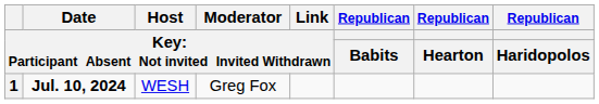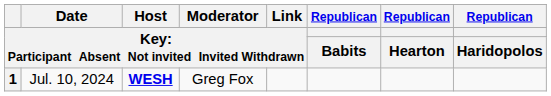 <table class="wikitable" style="text-align:center;">
 <tr>
 <th scope="col"></th>
 <th scope="col">Date</th>
 <th scope="col">Host</th>
 <th scope="col">Moderator</th>
 <th scope="col">Link</th>
 <th scope="col"><small><a href='#'>Republican</a></small></th>
 <th scope="col"><small><a href='#'>Republican</a></small></th>
 <th scope="col"><small><a href='#'>Republican</a></small></th>
 </tr>
 <tr>
 <th colspan="5" rowspan="2">Key:<br> <small>Participant </small>  <small>Absent </small>  <small>Not invited </small>  <small>Invited  Withdrawn</small></th>
 <th scope="col" style="background:"></th>
 <th scope="col" style="background:"></th>
 <th scope="col" style="background:"></th>
 </tr>
 <tr>
 <th scope="col">Babits</th>
 <th scope="col">Hearton</th>
 <th scope="col">Haridopolos</th>
 </tr>
 <tr>
 <th>1</th>
-<td style="white-space:nowrap;"><strong>Jul. 10, 2024</strong></td>
-<td style="white-space:nowrap;"><a href='#'>WESH</a></td>
+<td style="white-space:nowrap;">Jul. 10, 2024</td>
+<td style="white-space:nowrap;"><strong><a href='#'>WESH</a></strong></td>
 <td style="white-space:nowrap;">Greg Fox</td>
 <td style="white-space:nowrap;"></td>
 <td></td>
 <td></td>
 <td></td>
 </tr>
 </table>
